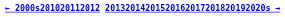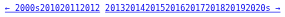 <table id=toc class=toc summary=Contents>
 <tr>
 <th></th>
 </tr>
 <tr>
-<td align=center><strong><a href='#'>← 2000s</a><a href='#'>2010</a><a href='#'>2011</a><a href='#'>2012</a> <a href='#'>2013</a><a href='#'>2014</a><a href='#'>2015</a><a href='#'>2016</a><a href='#'>2017</a><a href='#'>2018</a><a href='#'>2019</a><a href='#'>2020s →</a></strong></td>
+<td align=center><a href='#'>← 2000s</a><a href='#'>2010</a><a href='#'>2011</a><a href='#'>2012</a> <a href='#'>2013</a><a href='#'>2014</a><a href='#'>2015</a><a href='#'>2016</a><a href='#'>2017</a><a href='#'>2018</a><a href='#'>2019</a><a href='#'>2020s →</a></td>
 </tr>
 </table>
